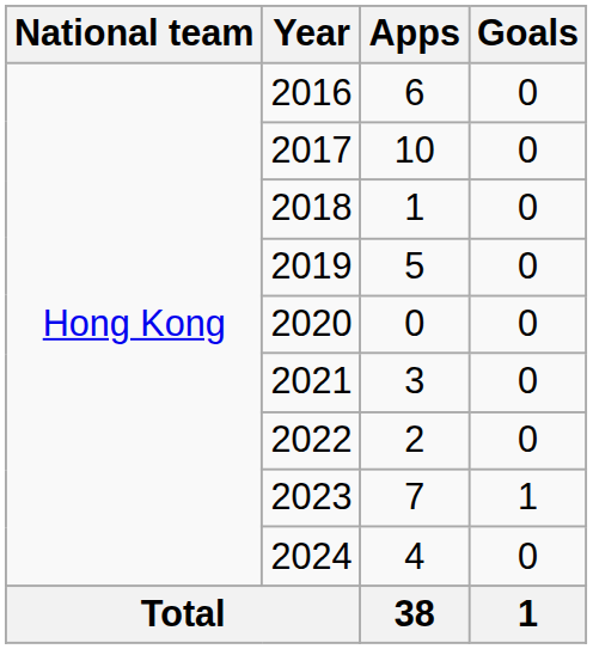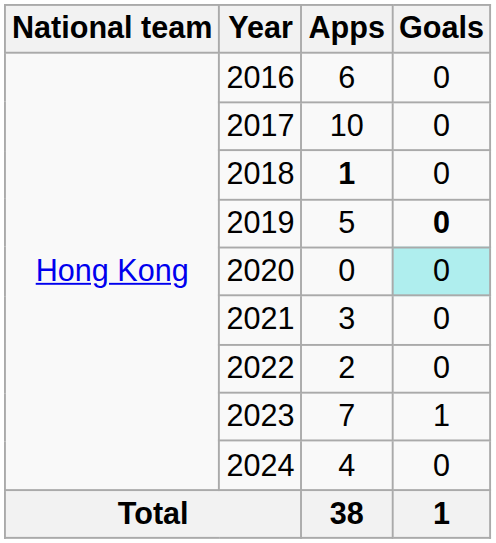 <table class="wikitable" style="text-align:center">
 <tr>
 <th>National team</th>
 <th>Year</th>
 <th>Apps</th>
 <th>Goals</th>
 </tr>
 <tr>
 <td rowspan="9"><a href='#'>Hong Kong</a></td>
 <td>2016</td>
 <td>6</td>
 <td>0</td>
 </tr>
 <tr>
 <td>2017</td>
 <td>10</td>
 <td>0</td>
 </tr>
 <tr>
 <td>2018</td>
-<td>1</td>
+<td><strong>1</strong></td>
 <td>0</td>
 </tr>
 <tr>
 <td>2019</td>
 <td>5</td>
-<td>0</td>
+<td><strong>0</strong></td>
 </tr>
 <tr>
 <td>2020</td>
 <td>0</td>
-<td>0</td>
+<td style="background: paleturquoise;">0</td>
 </tr>
 <tr>
 <td>2021</td>
 <td>3</td>
 <td>0</td>
 </tr>
 <tr>
 <td>2022</td>
 <td>2</td>
 <td>0</td>
 </tr>
 <tr>
 <td>2023</td>
 <td>7</td>
 <td>1</td>
 </tr>
 <tr>
 <td>2024</td>
 <td>4</td>
 <td>0</td>
 </tr>
 <tr>
 <th colspan=2>Total</th>
 <th>38</th>
 <th>1</th>
 </tr>
 </table>
